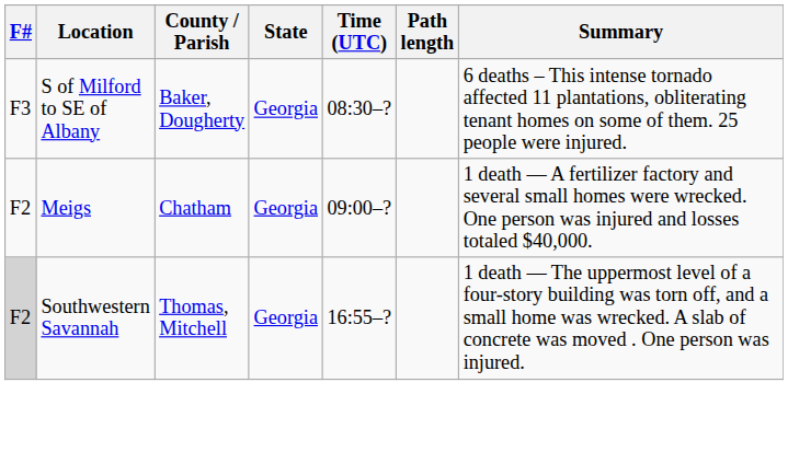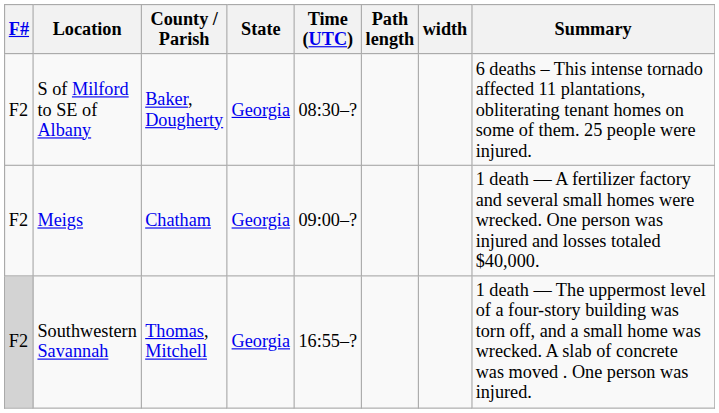 <table class="wikitable sortable" style="width:100%;">
 <tr>
 <th scope="col"  style="width:3%; text-align:center;"><a href='#'>F#</a></th>
 <th scope="col"  style="width:7%; text-align:center;" class="unsortable">Location</th>
 <th scope="col"  style="width:6%; text-align:center;" class="unsortable">County / Parish</th>
 <th scope="col"  style="width:5%; text-align:center;">State</th>
 <th scope="col"  style="width:6%; text-align:center;">Time (<a href='#'>UTC</a>)</th>
 <th scope="col"  style="width:6%; text-align:center;">Path length</th>
+<th scope="col"  style="width:6%; text-align:center;"> width</th>
 <th scope="col" class="unsortable" style="width:48%; text-align:center;">Summary</th>
 </tr>
 <tr>
-<td>F3</td>
+<td>F2</td>
 <td>S of <a href='#'>Milford</a> to SE of <a href='#'>Albany</a></td>
 <td><a href='#'>Baker</a>, <a href='#'>Dougherty</a></td>
 <td><a href='#'>Georgia</a></td>
 <td>08:30–?</td>
+<td></td>
 <td></td>
 <td>6 deaths – This intense tornado affected 11 plantations, obliterating tenant homes on some of them. 25 people were injured.</td>
 </tr>
 <tr>
 <td>F2</td>
 <td><a href='#'>Meigs</a></td>
 <td><a href='#'>Chatham</a></td>
 <td><a href='#'>Georgia</a></td>
 <td>09:00–?</td>
 <td></td>
+<td></td>
 <td>1 death — A fertilizer factory and several small homes were wrecked. One person was injured and losses totaled $40,000.</td>
 </tr>
 <tr>
 <td style="background: lightgrey;">F2</td>
 <td>Southwestern <a href='#'>Savannah</a></td>
 <td><a href='#'>Thomas</a>, <a href='#'>Mitchell</a></td>
 <td><a href='#'>Georgia</a></td>
 <td>16:55–?</td>
 <td></td>
+<td></td>
 <td>1 death — The uppermost level of a four-story building was torn off, and a small home was wrecked. A  slab of concrete was moved . One person was injured.</td>
 </tr>
 </table>
